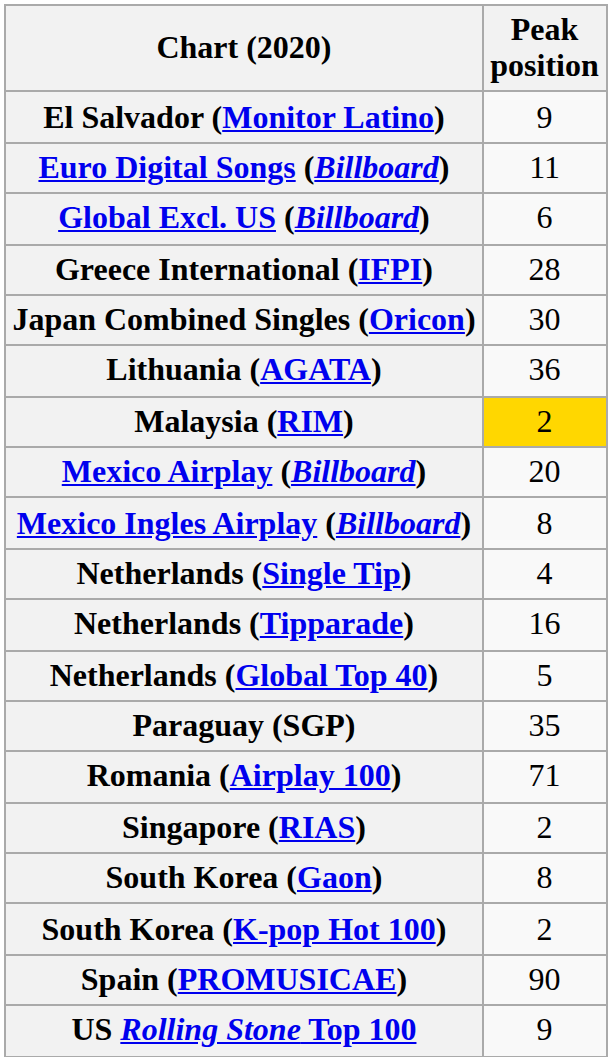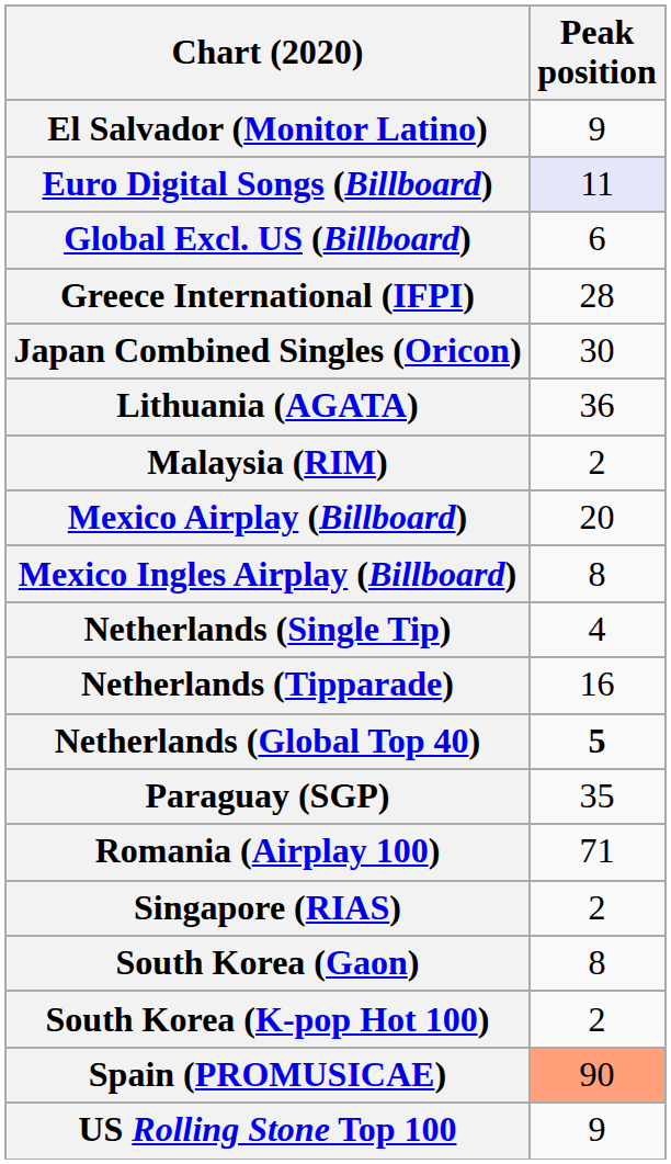 <table class="wikitable sortable plainrowheaders" style="text-align:center">
 <tr>
 <th scope="col">Chart (2020)</th>
 <th scope="col">Peak<br>position</th>
 </tr>
 <tr>
 </tr>
 <tr>
 </tr>
 <tr>
 </tr>
 <tr>
 </tr>
 <tr>
 </tr>
 <tr>
 </tr>
 <tr>
 </tr>
 <tr>
 <th scope="row">El Salvador (<a href='#'>Monitor Latino</a>)</th>
 <td>9</td>
 </tr>
 <tr>
 <th scope="row"><a href='#'>Euro Digital Songs</a> (<em><a href='#'>Billboard</a></em>)</th>
-<td>11</td>
+<td style="background: lavender;">11</td>
 </tr>
 <tr>
 </tr>
 <tr>
 </tr>
 <tr>
 </tr>
 <tr>
 <th scope="row"><a href='#'>Global Excl. US</a> (<em><a href='#'>Billboard</a></em>)</th>
 <td>6</td>
 </tr>
 <tr>
 <th scope="row">Greece International (<a href='#'>IFPI</a>)</th>
 <td>28</td>
 </tr>
 <tr>
 </tr>
 <tr>
 </tr>
 <tr>
 </tr>
 <tr>
 </tr>
 <tr>
 <th scope="row">Japan Combined Singles (<a href='#'>Oricon</a>)</th>
 <td>30</td>
 </tr>
 <tr>
 <th scope="row">Lithuania (<a href='#'>AGATA</a>)</th>
 <td>36</td>
 </tr>
 <tr>
 <th scope="row">Malaysia (<a href='#'>RIM</a>)</th>
-<td style="background: gold;">2</td>
+<td>2</td>
 </tr>
 <tr>
 <th scope="row"><a href='#'>Mexico Airplay</a> (<em><a href='#'>Billboard</a></em>)</th>
 <td>20</td>
 </tr>
 <tr>
 <th scope="row"><a href='#'>Mexico Ingles Airplay</a> (<em><a href='#'>Billboard</a></em>)</th>
 <td>8</td>
 </tr>
 <tr>
 <th scope="row">Netherlands (<a href='#'>Single Tip</a>)</th>
 <td>4</td>
 </tr>
 <tr>
 <th scope="row">Netherlands (<a href='#'>Tipparade</a>)</th>
 <td>16</td>
 </tr>
 <tr>
 <th scope="row">Netherlands (<a href='#'>Global Top 40</a>)</th>
-<td>5</td>
+<td><strong>5</strong></td>
 </tr>
 <tr>
 </tr>
 <tr>
 <th scope="row">Paraguay (SGP)</th>
 <td>35</td>
 </tr>
 <tr>
 </tr>
 <tr>
 <th scope="row">Romania (<a href='#'>Airplay 100</a>)</th>
 <td>71</td>
 </tr>
 <tr>
 </tr>
 <tr>
 <th scope="row">Singapore (<a href='#'>RIAS</a>)</th>
 <td>2</td>
 </tr>
 <tr>
 </tr>
 <tr>
 <th scope="row">South Korea (<a href='#'>Gaon</a>)</th>
 <td>8</td>
 </tr>
 <tr>
 <th scope="row">South Korea (<a href='#'>K-pop Hot 100</a>)</th>
 <td>2</td>
 </tr>
 <tr>
 <th scope="row">Spain (<a href='#'>PROMUSICAE</a>)</th>
-<td>90</td>
+<td style="background: lightsalmon;">90</td>
 </tr>
 <tr>
 </tr>
 <tr>
 </tr>
 <tr>
 </tr>
 <tr>
 </tr>
 <tr>
 </tr>
 <tr>
 <th scope="row">US <a href='#'><em>Rolling Stone</em> Top 100</a></th>
 <td>9</td>
 </tr>
 </table>
